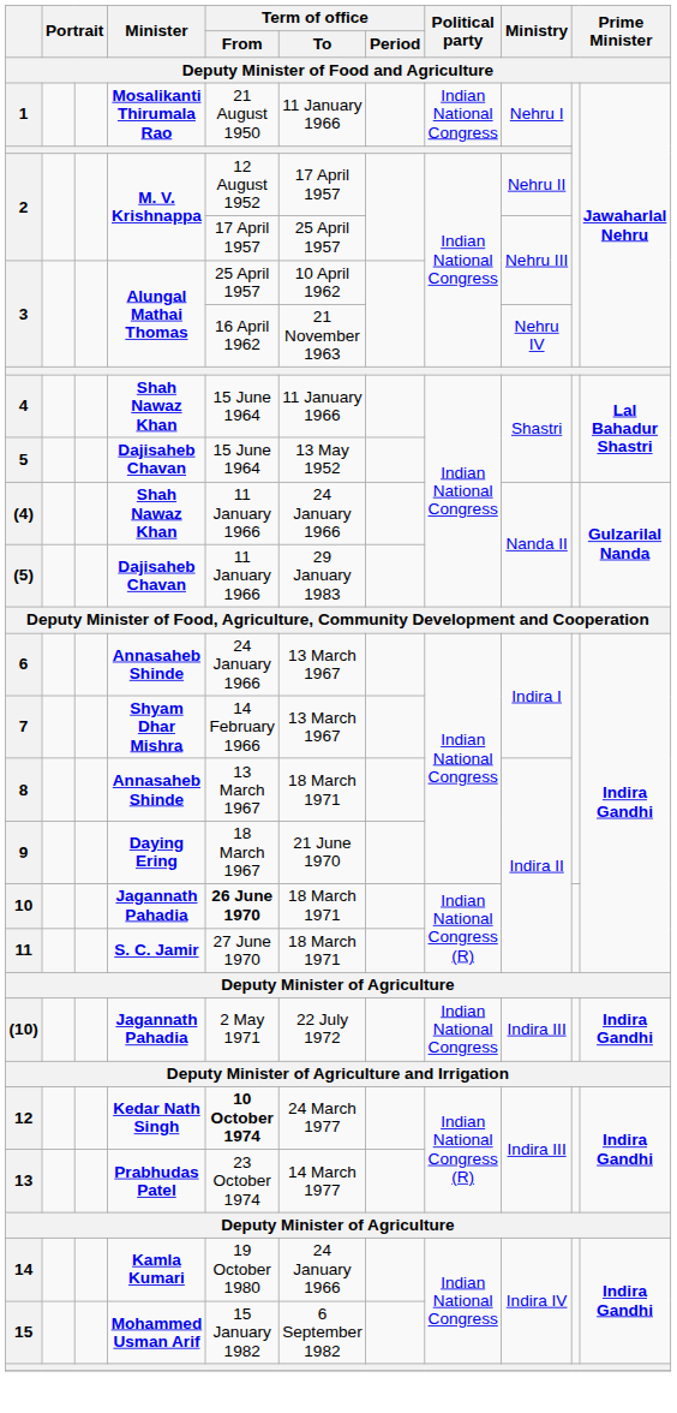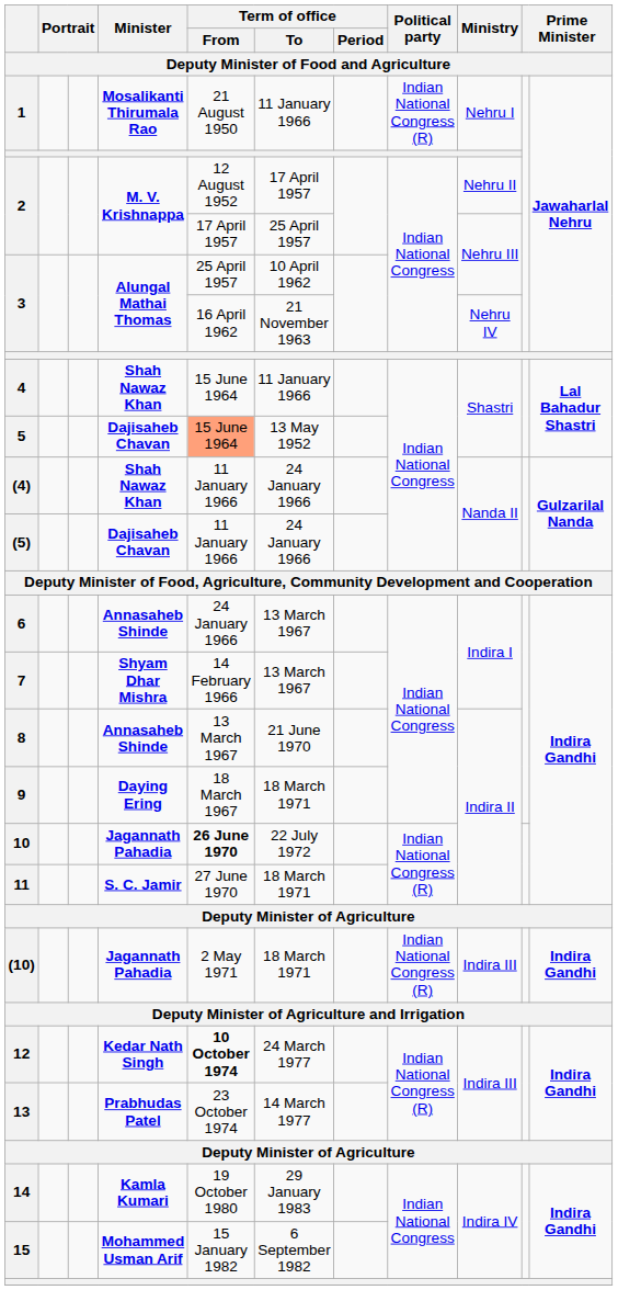 <table class="wikitable" style="text-align:center">
 <tr>
 <th rowspan="2"></th>
 <th rowspan="2" colspan="2">Portrait</th>
 <th rowspan="2" style="width:18em">Minister<br></th>
 <th colspan="3">Term of office</th>
 <th rowspan="2" style="width:8em">Political party</th>
 <th rowspan="2" style="width:6em">Ministry</th>
 <th rowspan="2" colspan="2">Prime Minister</th>
 </tr>
 <tr>
 <th style="width:8em">From</th>
 <th style="width:8em">To</th>
 <th style="width:6em">Period</th>
 </tr>
 <tr>
 <th colspan="11">Deputy Minister of Food and Agriculture</th>
 </tr>
 <tr>
 <th>1</th>
 <td></td>
 <td></td>
 <td><strong><a href='#'>Mosalikanti Thirumala Rao</a></strong><br></td>
 <td>21 August<br>1950</td>
 <td>11 January<br>1966</td>
 <td><strong></strong></td>
-<td><a href='#'>Indian National Congress</a></td>
+<td><a href='#'>Indian National Congress (R)</a></td>
 <td><a href='#'>Nehru I</a></td>
 <td rowspan="6"></td>
 <td rowspan="6"><strong><a href='#'>Jawaharlal Nehru</a></strong></td>
 </tr>
 <tr>
 <th colspan="9"></th>
 </tr>
 <tr>
 <th rowspan="2">2</th>
 <td rowspan="2"></td>
 <td rowspan="2"></td>
 <td rowspan="2"><strong><a href='#'>M. V. Krishnappa</a></strong><br></td>
 <td>12 August<br>1952</td>
 <td>17 April<br>1957</td>
 <td rowspan="2"><strong></strong></td>
 <td rowspan="4"><a href='#'>Indian National Congress</a></td>
 <td><a href='#'>Nehru II</a></td>
 </tr>
 <tr>
 <td>17 April<br>1957</td>
 <td>25 April<br>1957</td>
 <td rowspan="2"><a href='#'>Nehru III</a></td>
 </tr>
 <tr>
 <th rowspan="2">3</th>
 <td rowspan="2"></td>
 <td rowspan="2"></td>
 <td rowspan="2"><strong><a href='#'>Alungal Mathai Thomas</a></strong><br></td>
 <td>25 April<br>1957</td>
 <td>10 April<br>1962</td>
 <td rowspan="2"><strong></strong></td>
 </tr>
 <tr>
 <td>16 April<br>1962</td>
 <td>21 November<br>1963</td>
 <td><a href='#'>Nehru IV</a></td>
 </tr>
 <tr>
 <th colspan="11"></th>
 </tr>
 <tr>
 <th>4</th>
 <td></td>
 <td></td>
 <td><strong><a href='#'>Shah Nawaz Khan</a></strong><br></td>
 <td>15 June<br>1964</td>
 <td>11 January<br>1966</td>
 <td><strong></strong></td>
 <td rowspan="4"><a href='#'>Indian National Congress</a></td>
 <td rowspan="2"><a href='#'>Shastri</a></td>
 <td rowspan="2"></td>
 <td rowspan="2"><strong><a href='#'>Lal Bahadur Shastri</a></strong></td>
 </tr>
 <tr>
 <th>5</th>
 <td></td>
 <td></td>
 <td><strong><a href='#'>Dajisaheb Chavan</a></strong><br></td>
-<td>15 June<br>1964</td>
+<td style="background: lightsalmon;">15 June<br>1964</td>
 <td>13 May<br>1952</td>
 <td><strong></strong></td>
 </tr>
 <tr>
 <th>(4)</th>
 <td></td>
 <td></td>
 <td><strong><a href='#'>Shah Nawaz Khan</a></strong><br></td>
 <td>11 January<br>1966</td>
 <td>24 January<br>1966</td>
 <td><strong></strong></td>
 <td rowspan="2"><a href='#'>Nanda II</a></td>
 <td rowspan="2"></td>
 <td rowspan="2"><strong><a href='#'>Gulzarilal Nanda</a></strong></td>
 </tr>
 <tr>
 <th>(5)</th>
 <td></td>
 <td></td>
 <td><strong><a href='#'>Dajisaheb Chavan</a></strong><br></td>
 <td>11 January<br>1966</td>
-<td>29 January<br>1983</td>
+<td>24 January<br>1966</td>
 <td><strong></strong></td>
 </tr>
 <tr>
 <th colspan="11">Deputy Minister of Food, Agriculture, Community Development and Cooperation</th>
 </tr>
 <tr>
 <th>6</th>
 <td></td>
 <td></td>
 <td><strong><a href='#'>Annasaheb Shinde</a></strong><br></td>
 <td>24 January<br>1966</td>
 <td>13 March<br>1967</td>
 <td><strong></strong></td>
 <td rowspan="4"><a href='#'>Indian National Congress</a></td>
 <td rowspan="2"><a href='#'>Indira I</a></td>
 <td rowspan="4"></td>
 <td rowspan="6"><strong><a href='#'>Indira Gandhi</a></strong></td>
 </tr>
 <tr>
 <th>7</th>
 <td></td>
 <td></td>
 <td><strong><a href='#'>Shyam Dhar Mishra</a></strong><br></td>
 <td>14 February<br>1966</td>
 <td>13 March<br>1967</td>
 <td><strong></strong></td>
 </tr>
 <tr>
 <th>8</th>
 <td></td>
 <td></td>
 <td><strong><a href='#'>Annasaheb Shinde</a></strong><br></td>
 <td>13 March<br>1967</td>
-<td>18 March<br>1971</td>
+<td>21 June<br>1970<br></td>
 <td><strong></strong></td>
 <td rowspan="4"><a href='#'>Indira II</a></td>
 </tr>
 <tr>
 <th>9</th>
 <td></td>
 <td></td>
 <td><strong><a href='#'>Daying Ering</a></strong><br></td>
 <td>18 March<br>1967</td>
-<td>21 June<br>1970<br></td>
+<td>18 March<br>1971</td>
 <td><strong></strong></td>
 </tr>
 <tr>
 <th>10</th>
 <td></td>
 <td></td>
 <td><strong><a href='#'>Jagannath Pahadia</a></strong><br></td>
 <td><strong>26 June<br>1970</strong></td>
-<td>18 March<br>1971</td>
+<td>22 July<br>1972</td>
 <td><strong></strong></td>
 <td rowspan="2"><a href='#'>Indian National Congress (R)</a></td>
 <td rowspan="2"></td>
 </tr>
 <tr>
 <th>11</th>
 <td></td>
 <td></td>
 <td><strong><a href='#'>S. C. Jamir</a></strong><br></td>
 <td>27 June<br>1970</td>
 <td>18 March<br>1971</td>
 <td><strong></strong></td>
 </tr>
 <tr>
 <th colspan="11">Deputy Minister of Agriculture</th>
 </tr>
 <tr>
 <th>(10)</th>
 <td></td>
 <td></td>
 <td><strong><a href='#'>Jagannath Pahadia</a></strong><br></td>
 <td>2 May<br>1971</td>
-<td>22 July<br>1972</td>
+<td>18 March<br>1971</td>
 <td><strong></strong></td>
-<td><a href='#'>Indian National Congress</a></td>
+<td><a href='#'>Indian National Congress (R)</a></td>
 <td><a href='#'>Indira III</a></td>
 <td></td>
 <td><strong><a href='#'>Indira Gandhi</a></strong></td>
 </tr>
 <tr>
 <th colspan="11">Deputy Minister of Agriculture and Irrigation</th>
 </tr>
 <tr>
 <th>12</th>
 <td></td>
 <td></td>
 <td><strong><a href='#'>Kedar Nath Singh</a></strong><br></td>
 <td><strong>10 October<br>1974</strong></td>
 <td>24 March<br>1977</td>
 <td><strong></strong></td>
 <td rowspan="2"><a href='#'>Indian National Congress (R)</a></td>
 <td rowspan="2"><a href='#'>Indira III</a></td>
 <td rowspan="2"></td>
 <td rowspan="2"><strong><a href='#'>Indira Gandhi</a></strong></td>
 </tr>
 <tr>
 <th>13</th>
 <td></td>
 <td></td>
 <td><strong><a href='#'>Prabhudas Patel</a></strong><br></td>
 <td>23 October<br>1974</td>
 <td>14 March<br>1977</td>
 <td><strong></strong></td>
 </tr>
 <tr>
 <th colspan="11">Deputy Minister of Agriculture</th>
 </tr>
 <tr>
 <th>14</th>
 <td></td>
 <td></td>
 <td><strong><a href='#'>Kamla Kumari</a></strong><br></td>
 <td>19 October<br>1980</td>
-<td>24 January<br>1966</td>
+<td>29 January<br>1983</td>
 <td><strong></strong></td>
 <td rowspan="2"><a href='#'>Indian National Congress</a></td>
 <td rowspan="2"><a href='#'>Indira IV</a></td>
 <td rowspan="2"></td>
 <td rowspan="2" style="width:9em"><strong><a href='#'>Indira Gandhi</a></strong></td>
 </tr>
 <tr>
 <th>15</th>
 <td></td>
 <td></td>
 <td><strong><a href='#'>Mohammed Usman Arif</a></strong><br></td>
 <td>15 January<br>1982</td>
 <td>6 September<br>1982</td>
 <td><strong></strong></td>
 </tr>
 <tr>
 <th colspan="11"></th>
 </tr>
 <tr>
 </tr>
 </table>
